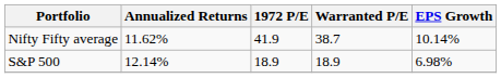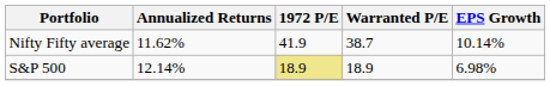 <table class="wikitable">
 <tr>
 <th>Portfolio</th>
 <th>Annualized Returns</th>
 <th>1972 P/E</th>
 <th>Warranted P/E</th>
 <th><a href='#'>EPS</a> Growth</th>
 </tr>
 <tr>
 <td>Nifty Fifty average</td>
 <td>11.62%</td>
 <td>41.9</td>
 <td>38.7</td>
 <td>10.14%</td>
 </tr>
 <tr>
 <td>S&P 500</td>
 <td>12.14%</td>
-<td>18.9</td>
+<td style="background: khaki;">18.9</td>
 <td>18.9</td>
 <td>6.98%</td>
 </tr>
 <tr>
 </tr>
 </table>
